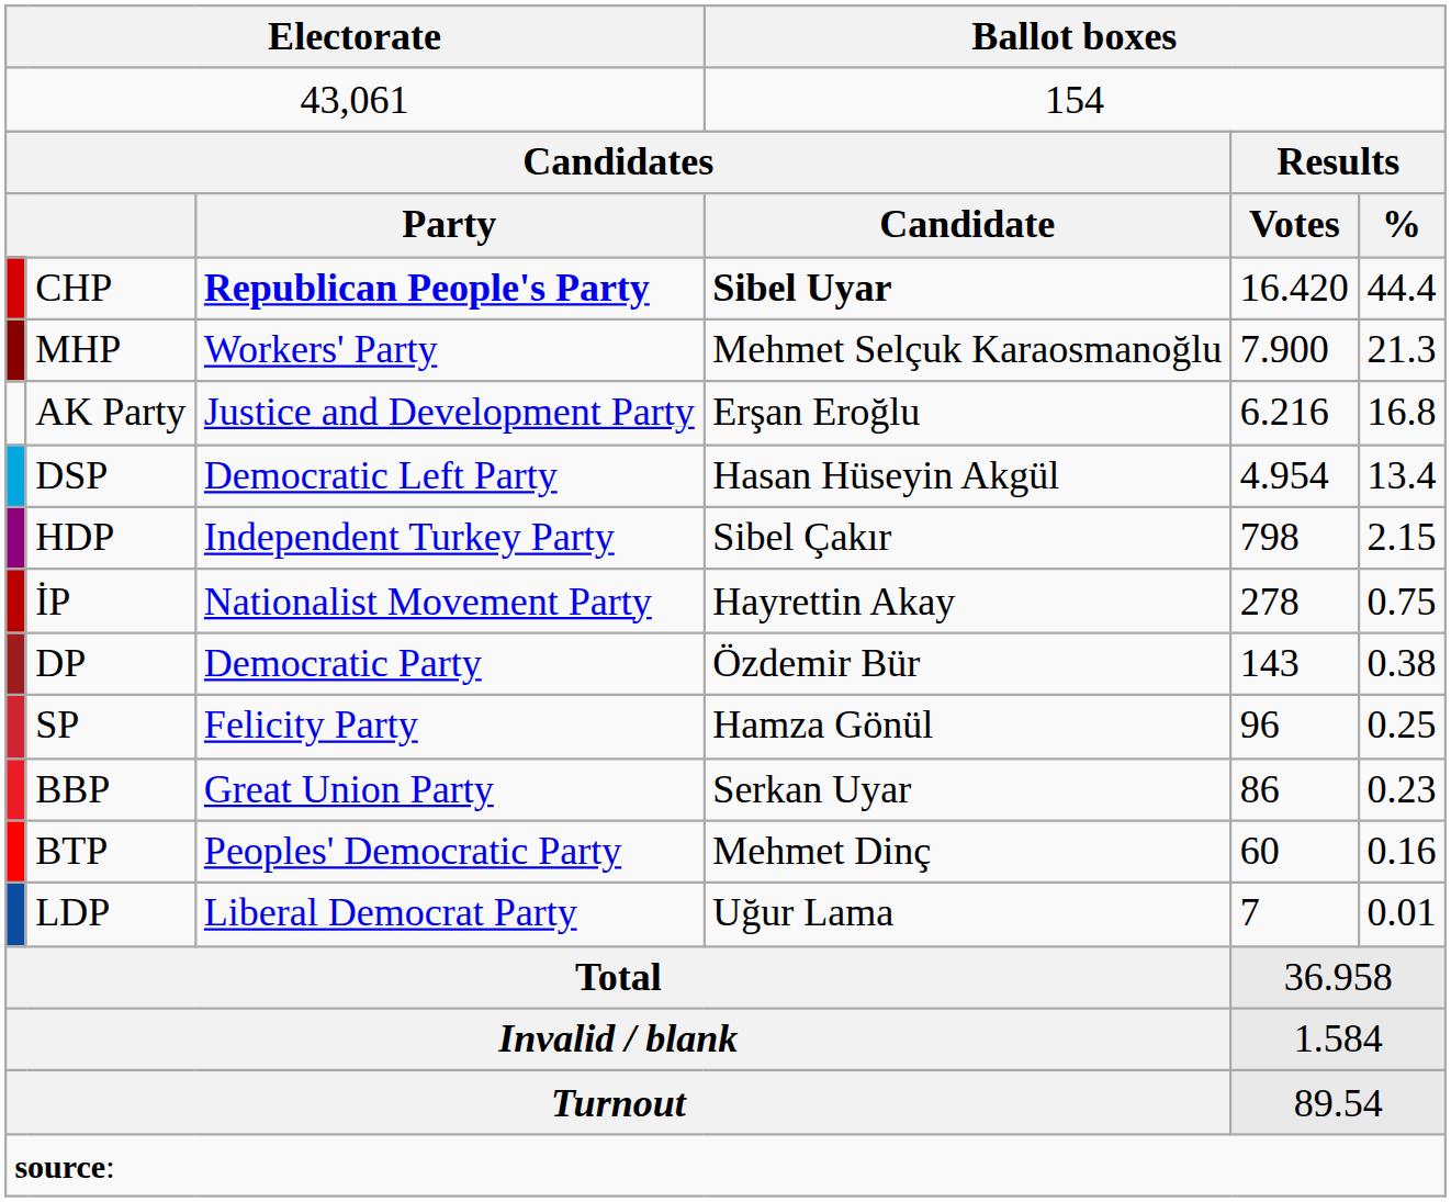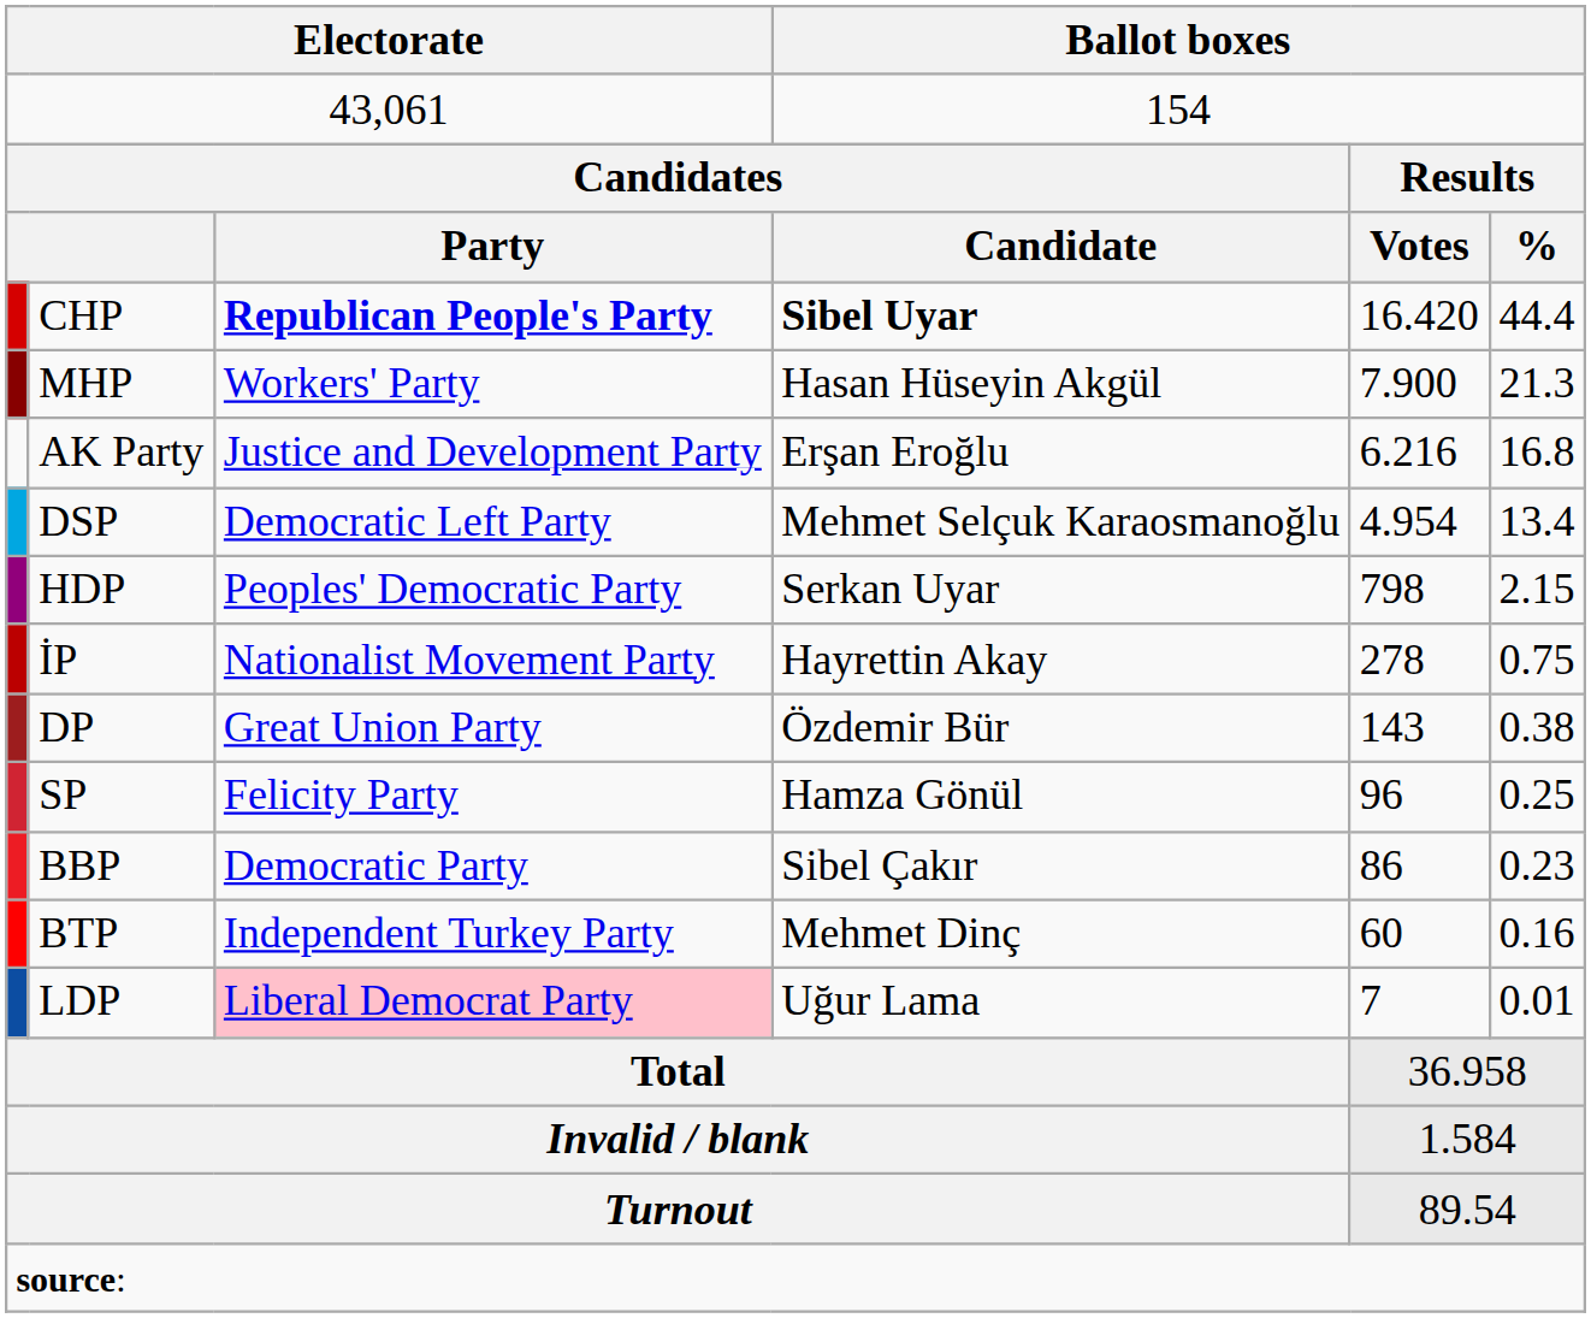 <table class="wikitable">
 <tr style="background-color:#F2F2F2">
 <td align="center" colspan="3"><strong>Electorate</strong></td>
 <td align="center" colspan="7"><strong>Ballot boxes</strong></td>
 </tr>
 <tr align="left">
 <td align="center" colspan="3">43,061</td>
 <td align="center" colspan="7">154</td>
 </tr>
 <tr>
 </tr>
 <tr style="background-color:#E9E9E9">
 </tr>
 <tr>
 <th align="center" colspan="4">Candidates</th>
 <th align="center" colspan="6">Results</th>
 </tr>
 <tr style="background-color:#E9E9E9">
 <th align="center" colspan="2"></th>
 <th align="center">Party</th>
 <th align="center">Candidate</th>
 <th align="center">Votes</th>
 <th align="center">%</th>
 </tr>
 <tr align="left">
 <td bgcolor="#d50000" width=1></td>
 <td>CHP</td>
 <td><strong><a href='#'>Republican People's Party</a></strong></td>
 <td><strong>Sibel Uyar</strong></td>
 <td>16.420</td>
 <td>44.4</td>
 </tr>
 <tr align="left">
 <td bgcolor="#870000" width=1></td>
 <td>MHP</td>
 <td><a href='#'>Workers' Party</a></td>
-<td>Mehmet Selçuk Karaosmanoğlu</td>
+<td>Hasan Hüseyin Akgül</td>
 <td>7.900</td>
 <td>21.3</td>
 </tr>
 <tr align="left">
 <td></td>
 <td>AK Party</td>
 <td><a href='#'>Justice and Development Party</a></td>
 <td>Erşan Eroğlu</td>
 <td>6.216</td>
 <td>16.8</td>
 </tr>
 <tr align="left">
 <td bgcolor="#01A7E1" width=1></td>
 <td>DSP</td>
 <td><a href='#'>Democratic Left Party</a></td>
-<td>Hasan Hüseyin Akgül</td>
+<td>Mehmet Selçuk Karaosmanoğlu</td>
 <td>4.954</td>
 <td>13.4</td>
 </tr>
 <tr align="left">
 <td bgcolor="#91007B" width=1></td>
 <td>HDP</td>
-<td><a href='#'>Independent Turkey Party</a></td>
-<td>Sibel Çakır</td>
+<td><a href='#'>Peoples' Democratic Party</a></td>
+<td>Serkan Uyar</td>
 <td>798</td>
 <td>2.15</td>
 </tr>
 <tr align="left">
 <td bgcolor="#BB0000" width=1></td>
 <td>İP</td>
 <td><a href='#'>Nationalist Movement Party</a></td>
 <td>Hayrettin Akay</td>
 <td>278</td>
 <td>0.75</td>
 </tr>
 <tr align="left">
 <td bgcolor="#9D1D1E" width=1></td>
 <td>DP</td>
-<td><a href='#'>Democratic Party</a></td>
+<td><a href='#'>Great Union Party</a></td>
 <td>Özdemir Bür</td>
 <td>143</td>
 <td>0.38</td>
 </tr>
 <tr align="left">
 <td bgcolor="#D02433" width=1></td>
 <td>SP</td>
 <td><a href='#'>Felicity Party</a></td>
 <td>Hamza Gönül</td>
 <td>96</td>
 <td>0.25</td>
 </tr>
 <tr align="left">
 <td bgcolor="#ED1C24" width=1></td>
 <td>BBP</td>
-<td><a href='#'>Great Union Party</a></td>
-<td>Serkan Uyar</td>
+<td><a href='#'>Democratic Party</a></td>
+<td>Sibel Çakır</td>
 <td>86</td>
 <td>0.23</td>
 </tr>
 <tr align="left">
 <td bgcolor="#FE0000" width=1></td>
 <td>BTP</td>
-<td><a href='#'>Peoples' Democratic Party</a></td>
+<td><a href='#'>Independent Turkey Party</a></td>
 <td>Mehmet Dinç</td>
 <td>60</td>
 <td>0.16</td>
 </tr>
 <tr align="left">
 <td bgcolor="#0C4DA2" width=1></td>
 <td>LDP</td>
-<td><a href='#'>Liberal Democrat Party</a></td>
+<td style="background: pink;"><a href='#'>Liberal Democrat Party</a></td>
 <td>Uğur Lama</td>
 <td>7</td>
 <td>0.01</td>
 </tr>
 <tr style="background-color:#E9E9E9" align="left">
 <th align="center" colspan="4"><strong>Total</strong></th>
 <td align="center" colspan="5">36.958</td>
 </tr>
 <tr style="background-color:#E9E9E9" align="left">
 <th align="center" colspan="4"><em>Invalid / blank</em></th>
 <td align="center" colspan="5">1.584</td>
 </tr>
 <tr style="background-color:#E9E9E9" align="left">
 <th align="center" colspan="4"><em>Turnout</em></th>
 <td align="center" colspan="5">89.54</td>
 </tr>
 <tr>
 <td align="left" colspan=10><small><strong>source</strong>: </small></td>
 </tr>
 </table>
